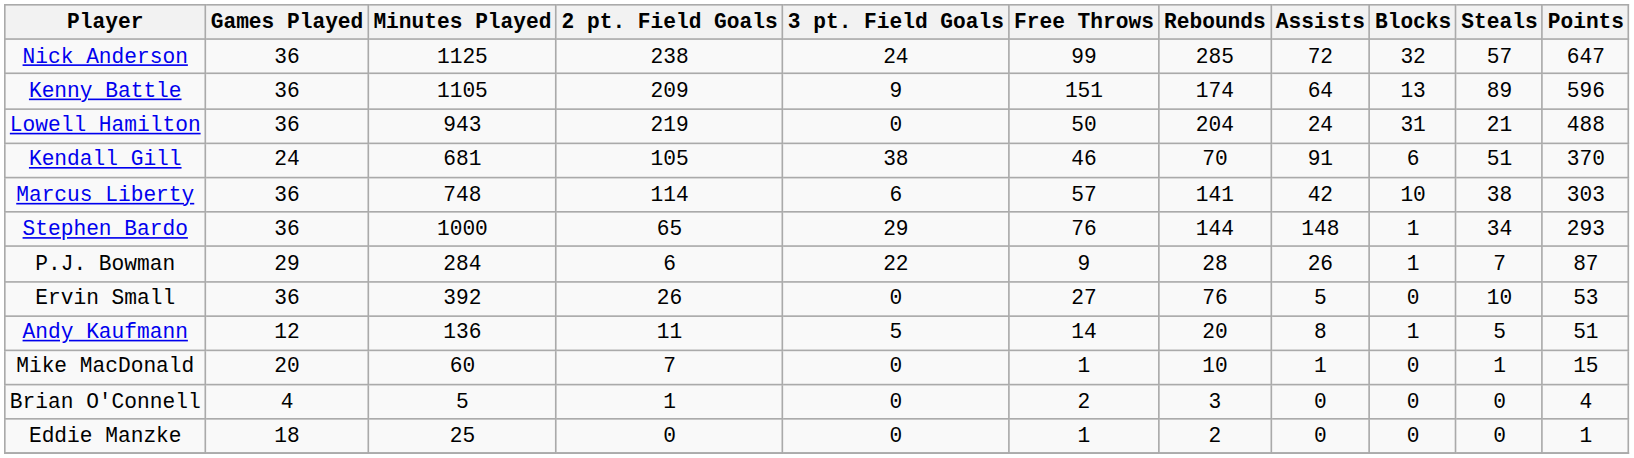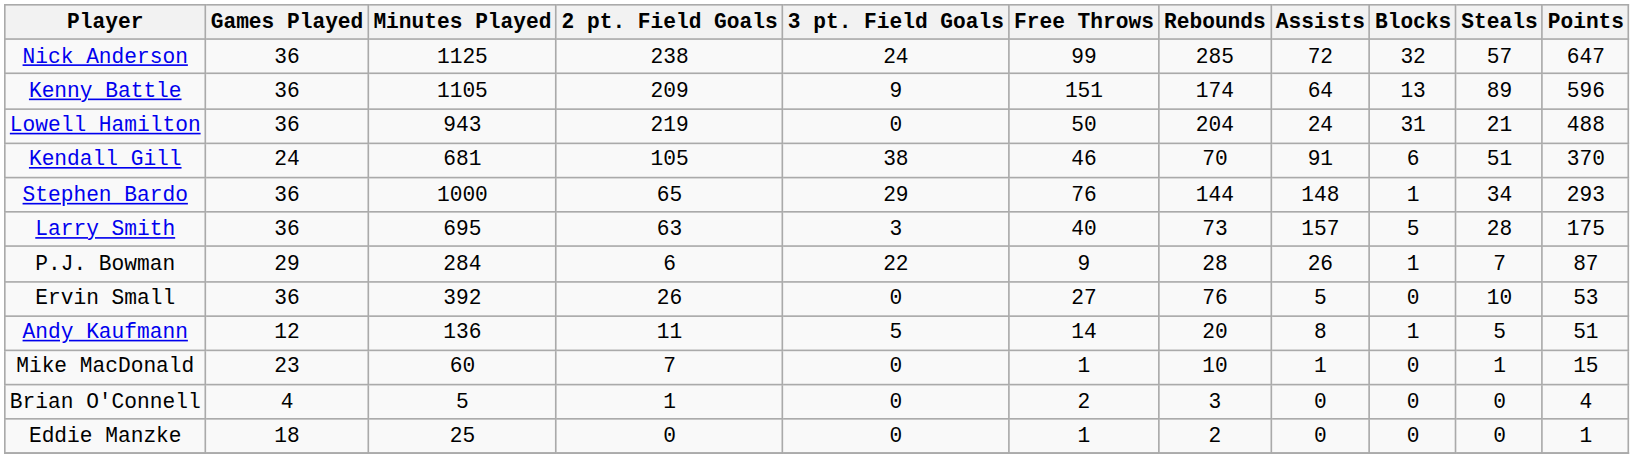 <table class="wikitable sortable" style="text-align:center">
 <tr>
 <th>Player</th>
 <th>Games Played</th>
 <th>Minutes Played</th>
 <th>2 pt. Field Goals</th>
 <th>3 pt. Field Goals</th>
 <th>Free Throws</th>
 <th>Rebounds</th>
 <th>Assists</th>
 <th>Blocks</th>
 <th>Steals</th>
 <th>Points</th>
 </tr>
 <tr align="center" bgcolor="">
 <td><a href='#'>Nick Anderson</a></td>
 <td>36</td>
 <td>1125</td>
 <td>238</td>
 <td>24</td>
 <td>99</td>
 <td>285</td>
 <td>72</td>
 <td>32</td>
 <td>57</td>
 <td>647</td>
 </tr>
 <tr>
 <td><a href='#'>Kenny Battle</a></td>
 <td>36</td>
 <td>1105</td>
 <td>209</td>
 <td>9</td>
 <td>151</td>
 <td>174</td>
 <td>64</td>
 <td>13</td>
 <td>89</td>
 <td>596</td>
 </tr>
 <tr>
 <td><a href='#'>Lowell Hamilton</a></td>
 <td>36</td>
 <td>943</td>
 <td>219</td>
 <td>0</td>
 <td>50</td>
 <td>204</td>
 <td>24</td>
 <td>31</td>
 <td>21</td>
 <td>488</td>
 </tr>
 <tr>
 <td><a href='#'>Kendall Gill</a></td>
 <td>24</td>
 <td>681</td>
 <td>105</td>
 <td>38</td>
 <td>46</td>
 <td>70</td>
 <td>91</td>
 <td>6</td>
 <td>51</td>
 <td>370</td>
 </tr>
 <tr>
-<td><a href='#'>Marcus Liberty</a></td>
-<td>36</td>
-<td>748</td>
-<td>114</td>
-<td>6</td>
-<td>57</td>
-<td>141</td>
-<td>42</td>
-<td>10</td>
-<td>38</td>
-<td>303</td>
-</tr>
-<tr>
 <td><a href='#'>Stephen Bardo</a></td>
 <td>36</td>
 <td>1000</td>
 <td>65</td>
 <td>29</td>
 <td>76</td>
 <td>144</td>
 <td>148</td>
 <td>1</td>
 <td>34</td>
 <td>293</td>
+</tr>
+<tr>
+<td><a href='#'>Larry Smith</a></td>
+<td>36</td>
+<td>695</td>
+<td>63</td>
+<td>3</td>
+<td>40</td>
+<td>73</td>
+<td>157</td>
+<td>5</td>
+<td>28</td>
+<td>175</td>
 </tr>
 <tr>
 <td>P.J. Bowman</td>
 <td>29</td>
 <td>284</td>
 <td>6</td>
 <td>22</td>
 <td>9</td>
 <td>28</td>
 <td>26</td>
 <td>1</td>
 <td>7</td>
 <td>87</td>
 </tr>
 <tr>
 <td>Ervin Small</td>
 <td>36</td>
 <td>392</td>
 <td>26</td>
 <td>0</td>
 <td>27</td>
 <td>76</td>
 <td>5</td>
 <td>0</td>
 <td>10</td>
 <td>53</td>
 </tr>
 <tr>
 <td><a href='#'>Andy Kaufmann</a></td>
 <td>12</td>
 <td>136</td>
 <td>11</td>
 <td>5</td>
 <td>14</td>
 <td>20</td>
 <td>8</td>
 <td>1</td>
 <td>5</td>
 <td>51</td>
 </tr>
 <tr>
 <td>Mike MacDonald</td>
-<td>20</td>
+<td>23</td>
 <td>60</td>
 <td>7</td>
 <td>0</td>
 <td>1</td>
 <td>10</td>
 <td>1</td>
 <td>0</td>
 <td>1</td>
 <td>15</td>
 </tr>
 <tr>
 <td>Brian O'Connell</td>
 <td>4</td>
 <td>5</td>
 <td>1</td>
 <td>0</td>
 <td>2</td>
 <td>3</td>
 <td>0</td>
 <td>0</td>
 <td>0</td>
 <td>4</td>
 </tr>
 <tr>
 <td>Eddie Manzke</td>
 <td>18</td>
 <td>25</td>
 <td>0</td>
 <td>0</td>
 <td>1</td>
 <td>2</td>
 <td>0</td>
 <td>0</td>
 <td>0</td>
 <td>1</td>
 </tr>
 <tr>
 </tr>
 </table>
